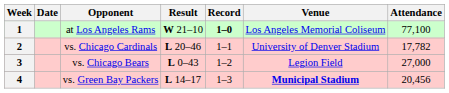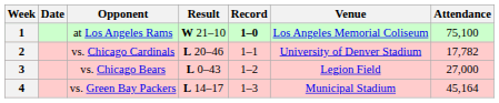 <table class="wikitable" style="text-align:center">
 <tr>
 <th>Week</th>
 <th>Date</th>
 <th>Opponent</th>
 <th>Result</th>
 <th>Record</th>
 <th>Venue</th>
 <th>Attendance</th>
 </tr>
 <tr style="background:#cfc;">
 <th>1</th>
 <td></td>
 <td>at <a href='#'>Los Angeles Rams</a></td>
 <td><strong>W</strong> 21–10</td>
 <td><strong>1–0</strong></td>
 <td><a href='#'>Los Angeles Memorial Coliseum</a></td>
-<td>77,100</td>
+<td>75,100</td>
 </tr>
 <tr style="background:#fcc;">
 <th>2</th>
 <td></td>
 <td>vs. <a href='#'>Chicago Cardinals</a></td>
 <td><strong>L</strong> 20–46</td>
 <td>1–1</td>
 <td><a href='#'>University of Denver Stadium</a> </td>
 <td>17,782</td>
 </tr>
 <tr style="background:#fcc;">
 <th>3</th>
 <td></td>
 <td>vs. <a href='#'>Chicago Bears</a></td>
 <td><strong>L</strong> 0–43</td>
 <td>1–2</td>
 <td><a href='#'>Legion Field</a> </td>
 <td>27,000</td>
 </tr>
 <tr style="background:#fcc;">
 <th>4</th>
 <td></td>
 <td>vs. <a href='#'>Green Bay Packers</a></td>
 <td><strong>L</strong> 14–17</td>
 <td>1–3</td>
-<td><strong><a href='#'>Municipal Stadium</a> </strong></td>
-<td>20,456</td>
+<td><a href='#'>Municipal Stadium</a> </td>
+<td>45,164</td>
 </tr>
 </table>
